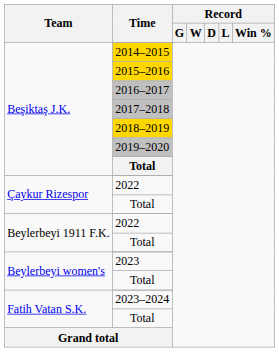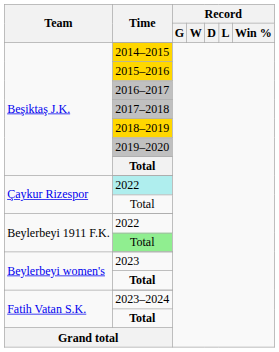 <table class="wikitable" style="text-align: center;">
 <tr>
 <th rowspan=2>Team</th>
 <th rowspan=2>Time</th>
 <th colspan=5>Record</th>
 </tr>
 <tr>
 <th>G</th>
 <th>W</th>
 <th>D</th>
 <th>L</th>
 <th>Win %</th>
 </tr>
 <tr>
 <td rowspan=8 align=left><a href='#'>Beşiktaş J.K.</a></td>
 </tr>
 <tr bgcolor=gold>
 <td align=left>2014–2015<br></td>
 </tr>
 <tr bgcolor=gold>
 <td align=left>2015–2016<br></td>
 </tr>
 <tr bgcolor=silver>
 <td align=left>2016–2017<br></td>
 </tr>
 <tr bgcolor=silver>
 <td align=left>2017–2018<br></td>
 </tr>
 <tr bgcolor=gold>
 <td align=left>2018–2019<br></td>
 </tr>
 <tr bgcolor=silver>
 <td align=left>2019–2020<br></td>
 </tr>
 <tr>
 <th>Total<br></th>
 </tr>
 <tr>
 <td rowspan=3 align=left><a href='#'>Çaykur Rizespor</a></td>
 </tr>
 <tr>
-<td align=left>2022<br></td>
+<td align=left style="background: paleturquoise;">2022<br></td>
 </tr>
 <tr>
 <td>Total<br></td>
 </tr>
 <tr>
 <td rowspan=3 align=left>Beylerbeyi 1911 F.K.</td>
 </tr>
 <tr>
 <td align=left>2022<br></td>
 </tr>
 <tr>
-<td>Total<br></td>
+<td style="background: lightgreen;">Total<br></td>
 </tr>
 <tr>
 <td rowspan=3 align=left><a href='#'>Beylerbeyi women's</a></td>
 </tr>
 <tr>
 <td align=left>2023<br></td>
 </tr>
 <tr>
-<td>Total<br></td>
+<td><strong>Total<br></strong></td>
 </tr>
 <tr>
 <td rowspan=3 align=left><a href='#'>Fatih Vatan S.K.</a></td>
 </tr>
 <tr>
 <td align=left>2023–2024<br></td>
 </tr>
 <tr>
-<td>Total<br></td>
+<td><strong>Total<br></strong></td>
 </tr>
 <tr>
 <th colspan="2">Grand total<br></th>
 </tr>
 </table>
